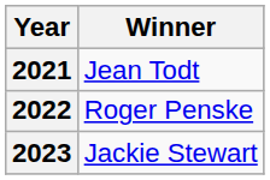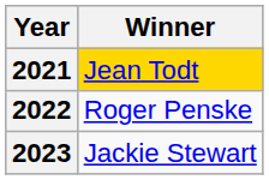 <table class="wikitable" style="font-size: 90%;">
 <tr>
 <th>Year</th>
 <th>Winner</th>
 </tr>
 <tr>
 <th>2021</th>
-<td><a href='#'>Jean Todt</a></td>
+<td style="background: gold;"><a href='#'>Jean Todt</a></td>
 </tr>
 <tr>
 <th>2022</th>
 <td><a href='#'>Roger Penske</a></td>
 </tr>
 <tr>
 <th>2023</th>
 <td><a href='#'>Jackie Stewart</a></td>
 </tr>
 </table>
